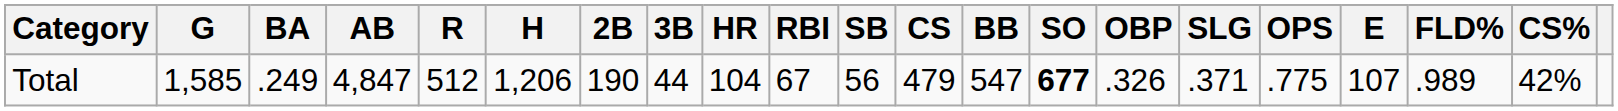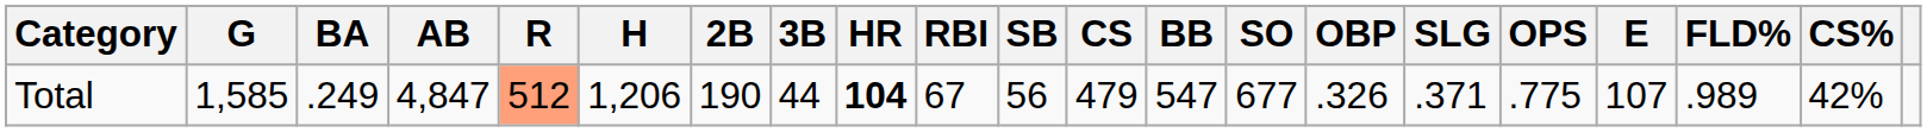 <table class="wikitable">
 <tr>
 <th>Category</th>
 <th>G</th>
 <th>BA</th>
 <th>AB</th>
 <th>R</th>
 <th>H</th>
 <th>2B</th>
 <th>3B</th>
 <th>HR</th>
 <th>RBI</th>
 <th>SB</th>
 <th>CS</th>
 <th>BB</th>
 <th>SO</th>
 <th>OBP</th>
 <th>SLG</th>
 <th>OPS</th>
 <th>E</th>
 <th>FLD%</th>
 <th>CS%</th>
 <th></th>
 </tr>
 <tr>
 <td>Total</td>
 <td>1,585</td>
 <td>.249</td>
 <td>4,847</td>
-<td>512</td>
+<td style="background: lightsalmon;">512</td>
 <td>1,206</td>
 <td>190</td>
 <td>44</td>
-<td>104</td>
+<td><strong>104</strong></td>
 <td>67</td>
 <td>56</td>
 <td>479</td>
 <td>547</td>
-<td><strong>677</strong></td>
+<td>677</td>
 <td>.326</td>
 <td>.371</td>
 <td>.775</td>
 <td>107</td>
 <td>.989</td>
 <td>42%</td>
 <td></td>
 </tr>
 </table>
